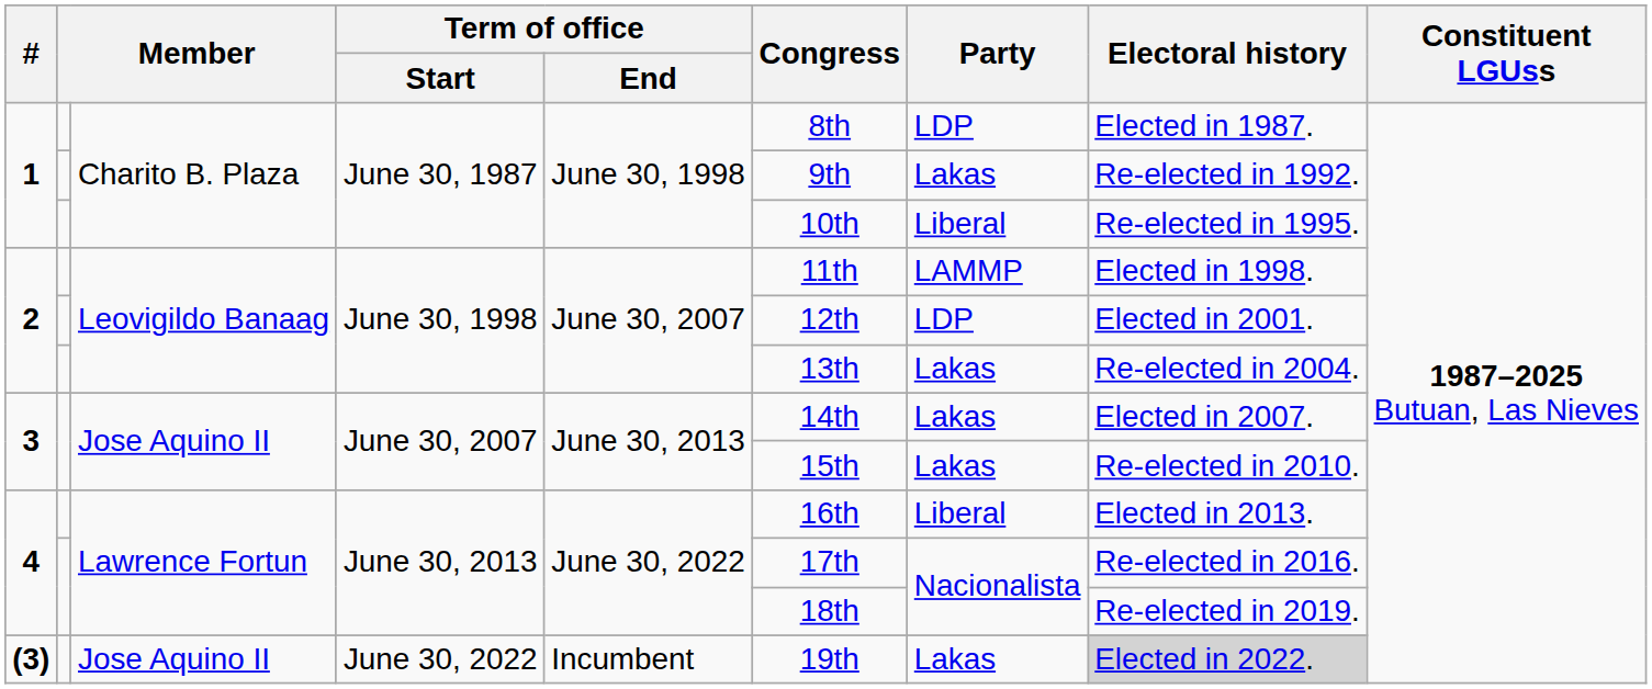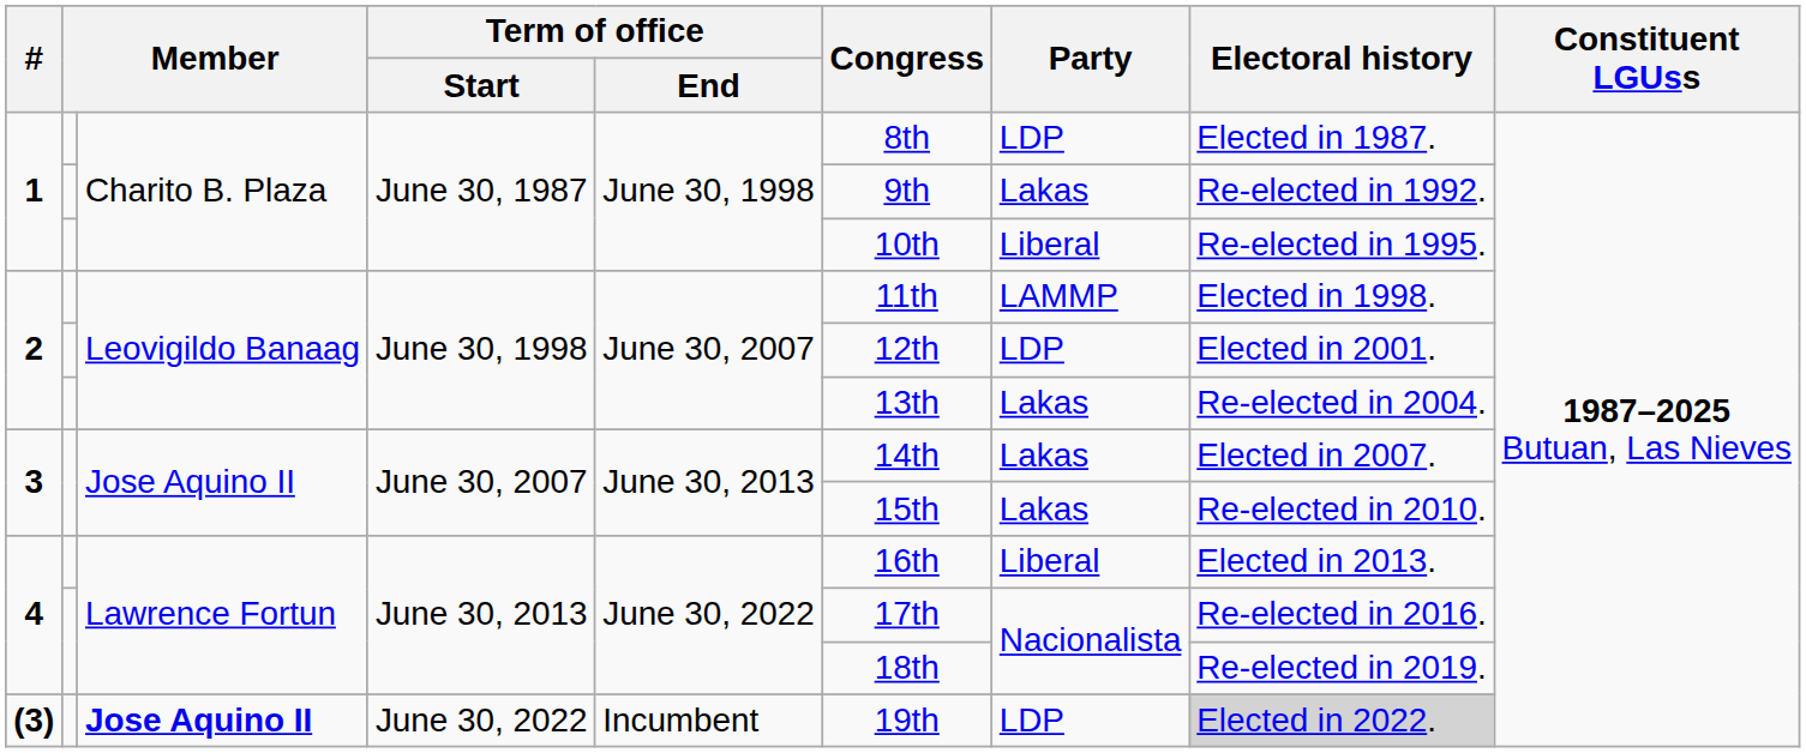 <table class=wikitable>
 <tr>
 <th rowspan="2">#</th>
 <th rowspan="2" colspan=2>Member</th>
 <th colspan=2>Term of office</th>
 <th rowspan="2">Congress</th>
 <th rowspan="2">Party</th>
 <th rowspan="2">Electoral history</th>
 <th rowspan="2">Constituent<br><a href='#'>LGUs</a>s</th>
 </tr>
 <tr>
 <th>Start</th>
 <th>End</th>
 </tr>
 <tr>
 <td rowspan="3" style="text-align:center;"><strong>1</strong></td>
 <td style="color:inherit;background:"></td>
 <td rowspan="3">Charito B. Plaza</td>
 <td rowspan="3">June 30, 1987</td>
 <td rowspan="3">June 30, 1998</td>
 <td style="text-align:center;"><a href='#'>8th</a></td>
 <td><a href='#'>LDP</a></td>
 <td><a href='#'>Elected in 1987</a>.</td>
 <td rowspan=99 style="text-align:center;"><strong>1987–2025</strong><br><a href='#'>Butuan</a>, <a href='#'>Las Nieves</a></td>
 </tr>
 <tr>
 <td style="color:inherit;background:"></td>
 <td style="text-align:center;"><a href='#'>9th</a></td>
 <td><a href='#'>Lakas</a></td>
 <td><a href='#'>Re-elected in 1992</a>.</td>
 </tr>
 <tr>
 <td style="color:inherit;background:"></td>
 <td style="text-align:center;"><a href='#'>10th</a></td>
 <td><a href='#'>Liberal</a></td>
 <td><a href='#'>Re-elected in 1995</a>.</td>
 </tr>
 <tr>
 <td rowspan="3" style="text-align:center;"><strong>2</strong></td>
 <td style="color:inherit;background:"></td>
 <td rowspan="3"><a href='#'>Leovigildo Banaag</a></td>
 <td rowspan="3">June 30, 1998</td>
 <td rowspan="3">June 30, 2007</td>
 <td style="text-align:center;"><a href='#'>11th</a></td>
 <td><a href='#'>LAMMP</a></td>
 <td><a href='#'>Elected in 1998</a>.</td>
 </tr>
 <tr>
 <td style="color:inherit;background:"></td>
 <td style="text-align:center;"><a href='#'>12th</a></td>
 <td><a href='#'>LDP</a></td>
 <td><a href='#'>Elected in 2001</a>.</td>
 </tr>
 <tr>
 <td style="color:inherit;background:"></td>
 <td style="text-align:center;"><a href='#'>13th</a></td>
 <td><a href='#'>Lakas</a></td>
 <td><a href='#'>Re-elected in 2004</a>.</td>
 </tr>
 <tr>
 <td rowspan="2" style="text-align:center;"><strong>3</strong></td>
 <td rowspan="2" style="color:inherit;background:"></td>
 <td rowspan="2"><a href='#'>Jose Aquino II</a></td>
 <td rowspan="2">June 30, 2007</td>
 <td rowspan="2">June 30, 2013</td>
 <td style="text-align:center;"><a href='#'>14th</a></td>
 <td><a href='#'>Lakas</a></td>
 <td><a href='#'>Elected in 2007</a>.</td>
 </tr>
 <tr>
 <td style="text-align:center;"><a href='#'>15th</a></td>
 <td><a href='#'>Lakas</a></td>
 <td><a href='#'>Re-elected in 2010</a>.</td>
 </tr>
 <tr>
 <td rowspan="3" style="text-align:center;"><strong>4</strong></td>
 <td style="color:inherit;background:"></td>
 <td rowspan="3"><a href='#'>Lawrence Fortun</a></td>
 <td rowspan="3">June 30, 2013</td>
 <td rowspan="3">June 30, 2022</td>
 <td style="text-align:center;"><a href='#'>16th</a></td>
 <td><a href='#'>Liberal</a></td>
 <td><a href='#'>Elected in 2013</a>.</td>
 </tr>
 <tr>
 <td rowspan="2" style="color:inherit;background:"></td>
 <td style="text-align:center;"><a href='#'>17th</a></td>
 <td rowspan="2"><a href='#'>Nacionalista</a></td>
 <td><a href='#'>Re-elected in 2016</a>.</td>
 </tr>
 <tr>
 <td style="text-align:center;"><a href='#'>18th</a></td>
 <td><a href='#'>Re-elected in 2019</a>.</td>
 </tr>
 <tr>
 <td style="text-align:center;"><strong>(3)</strong></td>
 <td style="color:inherit;background:"></td>
-<td><a href='#'>Jose Aquino II</a></td>
+<td><strong><a href='#'>Jose Aquino II</a></strong></td>
 <td>June 30, 2022</td>
 <td>Incumbent</td>
 <td style="text-align:center;"><a href='#'>19th</a></td>
-<td><a href='#'>Lakas</a></td>
+<td><a href='#'>LDP</a></td>
 <td style="background: lightgrey;"><a href='#'>Elected in 2022</a>.</td>
 </tr>
 </table>
